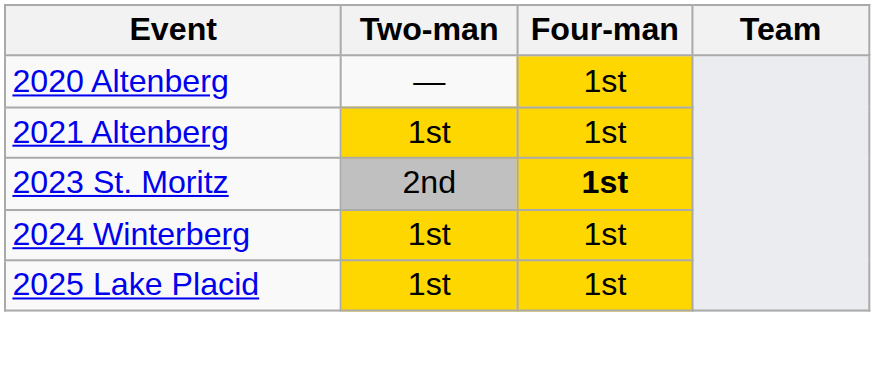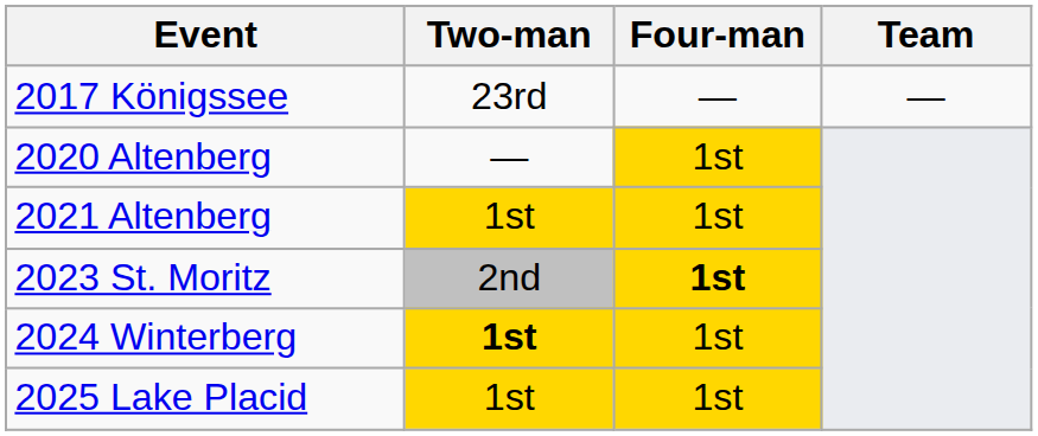 <table class="wikitable" style="text-align:center">
 <tr>
 <th style="width:160px">Event</th>
 <th style="width:80px">Two-man</th>
 <th style="width:80px">Four-man</th>
 <th style="width:80px">Team</th>
+</tr>
+<tr>
+<td style="text-align:left"> <a href='#'>2017 Königssee</a></td>
+<td>23rd</td>
+<td>—</td>
+<td>—</td>
 </tr>
 <tr>
 <td style="text-align:left"> <a href='#'>2020 Altenberg</a></td>
 <td>—</td>
 <td style="background:gold">1st</td>
 <td rowspan=5 style="background:#EAECF0"></td>
 </tr>
 <tr>
 <td style="text-align:left"> <a href='#'>2021 Altenberg</a></td>
 <td style="background:gold">1st</td>
 <td style="background:gold">1st</td>
 </tr>
 <tr>
 <td style="text-align:left"> <a href='#'>2023 St. Moritz</a></td>
 <td style="background:silver">2nd</td>
 <td style="background:gold"><strong>1st</strong></td>
 </tr>
 <tr>
 <td style="text-align:left"> <a href='#'>2024 Winterberg</a></td>
-<td style="background:gold">1st</td>
+<td style="background:gold"><strong>1st</strong></td>
 <td style="background:gold">1st</td>
 </tr>
 <tr>
 <td style="text-align:left"> <a href='#'>2025 Lake Placid</a></td>
 <td style="background:gold">1st</td>
 <td style="background:gold">1st</td>
 </tr>
 </table>
